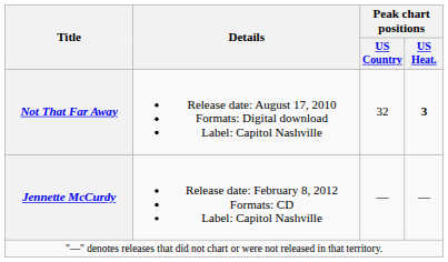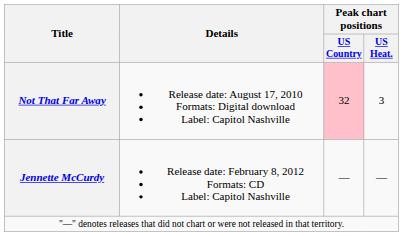 <table class="wikitable plainrowheaders" style="text-align:center;">
 <tr>
 <th rowspan="2" scope="col" style="width:10em;">Title</th>
 <th rowspan="2" scope="col" style="width:18em;">Details</th>
 <th colspan="6" scope="col">Peak chart positions</th>
 </tr>
 <tr>
 <th scope="col" style="width:3em;font-size:90%;"><a href='#'>US<br>Country</a><br></th>
 <th scope="col" style="width:3em;font-size:90%;"><a href='#'>US<br>Heat.</a><br></th>
 </tr>
 <tr>
 <th scope="row"><em><a href='#'>Not That Far Away</a></em></th>
 <td><br><ul><li>Release date: August 17, 2010</li><li>Formats: Digital download</li><li>Label: Capitol Nashville</li></ul></td>
-<td>32</td>
-<td><strong>3</strong></td>
+<td style="background: pink;">32</td>
+<td>3</td>
 </tr>
 <tr>
 <th scope="row"><em><a href='#'>Jennette McCurdy</a></em></th>
 <td><br><ul><li>Release date: February 8, 2012</li><li>Formats: CD</li><li>Label: Capitol Nashville</li></ul></td>
 <td>—</td>
 <td>—</td>
 </tr>
 <tr>
 <td colspan="15" style="text-align:center; font-size:85%">"—" denotes releases that did not chart or were not released in that territory.</td>
 </tr>
 </table>
